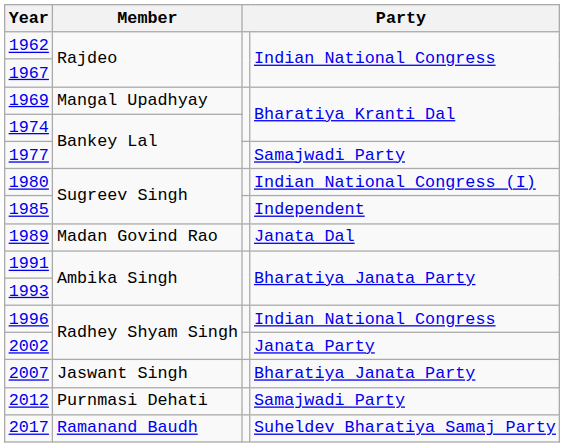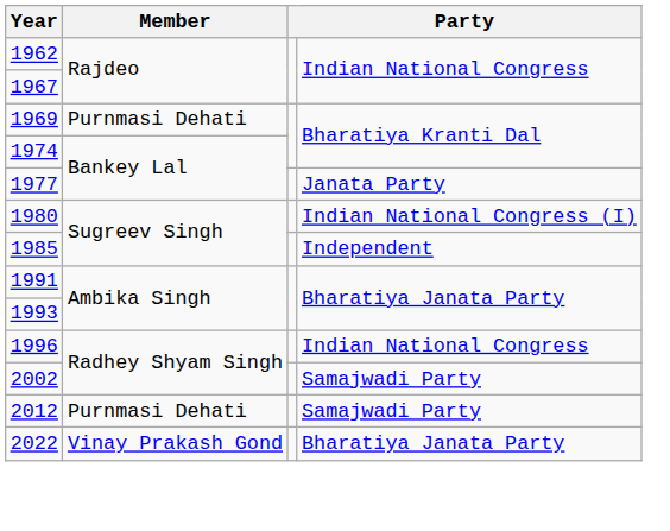 <table class="wikitable">
 <tr>
 <th>Year</th>
 <th>Member</th>
 <th colspan="2">Party</th>
 </tr>
 <tr>
 <td><a href='#'>1962</a></td>
 <td rowspan="2">Rajdeo</td>
 <td rowspan="2" style="background-color: "></td>
 <td rowspan="2"><a href='#'>Indian National Congress</a></td>
 </tr>
 <tr>
 <td><a href='#'>1967</a></td>
 </tr>
 <tr>
 <td><a href='#'>1969</a></td>
-<td>Mangal Upadhyay</td>
+<td>Purnmasi Dehati</td>
 <td rowspan="2" style="background-color: "></td>
 <td rowspan="2"><a href='#'>Bharatiya Kranti Dal</a></td>
 </tr>
 <tr>
 <td><a href='#'>1974</a></td>
 <td rowspan="2">Bankey Lal</td>
 </tr>
 <tr>
 <td><a href='#'>1977</a></td>
 <td style="background-color: "></td>
-<td><a href='#'>Samajwadi Party</a></td>
+<td><a href='#'>Janata Party</a></td>
 </tr>
 <tr>
 <td><a href='#'>1980</a></td>
 <td rowspan="2">Sugreev Singh</td>
 <td style="background-color: "></td>
 <td><a href='#'>Indian National Congress (I)</a></td>
 </tr>
 <tr>
 <td><a href='#'>1985</a></td>
 <td style="background-color: "></td>
 <td><a href='#'>Independent</a></td>
-</tr>
-<tr>
-<td><a href='#'>1989</a></td>
-<td>Madan Govind Rao</td>
-<td style="background-color: "></td>
-<td><a href='#'>Janata Dal</a></td>
 </tr>
 <tr>
 <td><a href='#'>1991</a></td>
 <td rowspan="2">Ambika Singh</td>
 <td rowspan="2" style="background-color: "></td>
 <td rowspan="2"><a href='#'>Bharatiya Janata Party</a></td>
 </tr>
 <tr>
 <td><a href='#'>1993</a></td>
 </tr>
 <tr>
 <td><a href='#'>1996</a></td>
 <td rowspan="2">Radhey Shyam Singh</td>
 <td style="background-color: "></td>
 <td><a href='#'>Indian National Congress</a></td>
 </tr>
 <tr>
 <td><a href='#'>2002</a></td>
 <td style="background-color: "></td>
-<td><a href='#'>Janata Party</a></td>
-</tr>
-<tr>
-<td><a href='#'>2007</a></td>
-<td>Jaswant Singh</td>
-<td style="background-color: "></td>
-<td><a href='#'>Bharatiya Janata Party</a></td>
+<td><a href='#'>Samajwadi Party</a></td>
 </tr>
 <tr>
 <td><a href='#'>2012</a></td>
 <td>Purnmasi Dehati</td>
 <td style="background-color: "></td>
 <td><a href='#'>Samajwadi Party</a></td>
 </tr>
 <tr>
-<td><a href='#'>2017</a></td>
-<td><a href='#'>Ramanand Baudh</a></td>
+<td><a href='#'>2022</a></td>
+<td><a href='#'>Vinay Prakash Gond</a></td>
 <td style="background-color: "></td>
-<td><a href='#'>Suheldev Bharatiya Samaj Party</a></td>
+<td><a href='#'>Bharatiya Janata Party</a></td>
 </tr>
 </table>
